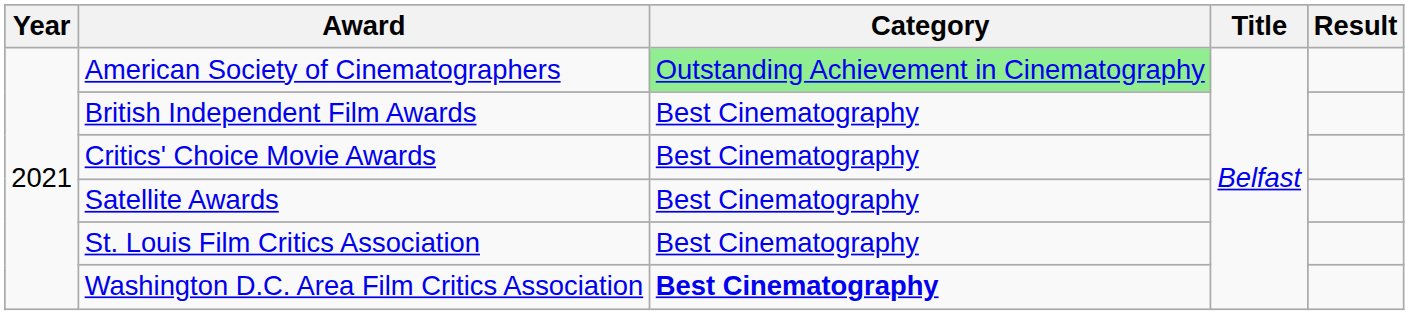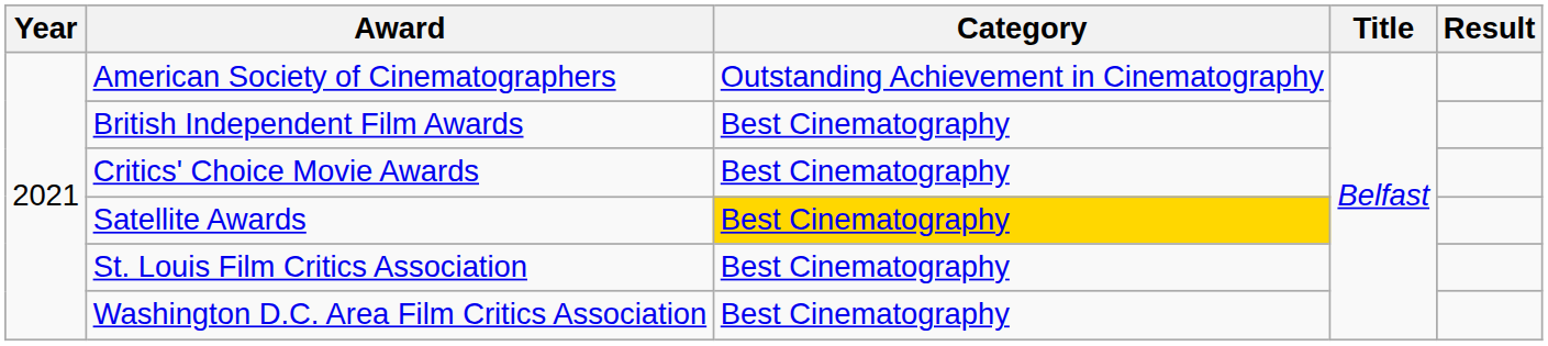 <table class="wikitable">
 <tr>
 <th>Year</th>
 <th>Award</th>
 <th>Category</th>
 <th>Title</th>
 <th>Result</th>
 </tr>
 <tr>
 <td rowspan=6>2021</td>
 <td><a href='#'>American Society of Cinematographers</a></td>
-<td style="background: lightgreen;"><a href='#'>Outstanding Achievement in Cinematography</a></td>
+<td><a href='#'>Outstanding Achievement in Cinematography</a></td>
 <td rowspan=6><em><a href='#'>Belfast</a></em></td>
 <td></td>
 </tr>
 <tr>
 <td><a href='#'>British Independent Film Awards</a></td>
 <td><a href='#'>Best Cinematography</a></td>
 <td></td>
 </tr>
 <tr>
 <td><a href='#'>Critics' Choice Movie Awards</a></td>
 <td><a href='#'>Best Cinematography</a></td>
 <td></td>
 </tr>
 <tr>
 <td><a href='#'>Satellite Awards</a></td>
-<td><a href='#'>Best Cinematography</a></td>
+<td style="background: gold;"><a href='#'>Best Cinematography</a></td>
 <td></td>
 </tr>
 <tr>
 <td><a href='#'>St. Louis Film Critics Association</a></td>
 <td><a href='#'>Best Cinematography</a></td>
 <td></td>
 </tr>
 <tr>
 <td><a href='#'>Washington D.C. Area Film Critics Association</a></td>
-<td><strong><a href='#'>Best Cinematography</a></strong></td>
+<td><a href='#'>Best Cinematography</a></td>
 <td></td>
 </tr>
 </table>
